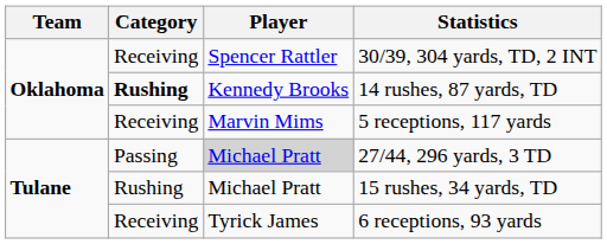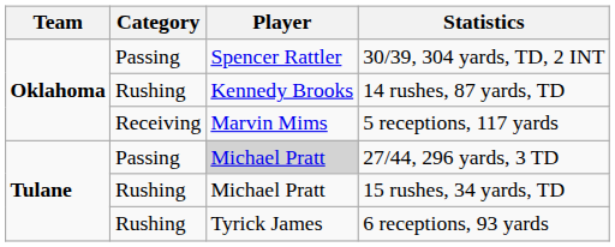 <table class="wikitable" style="float: left;">
 <tr>
 <th>Team</th>
 <th>Category</th>
 <th>Player</th>
 <th>Statistics</th>
 </tr>
 <tr>
 <td rowspan=3><strong>Oklahoma</strong></td>
-<td>Receiving</td>
+<td>Passing</td>
 <td><a href='#'>Spencer Rattler</a></td>
 <td>30/39, 304 yards, TD, 2 INT</td>
 </tr>
 <tr>
-<td><strong>Rushing</strong></td>
+<td>Rushing</td>
 <td><a href='#'>Kennedy Brooks</a></td>
 <td>14 rushes, 87 yards, TD</td>
 </tr>
 <tr>
 <td>Receiving</td>
 <td><a href='#'>Marvin Mims</a></td>
 <td>5 receptions, 117 yards</td>
 </tr>
 <tr>
 <td rowspan=3><strong>Tulane</strong></td>
 <td>Passing</td>
 <td style="background: lightgrey;"><a href='#'>Michael Pratt</a></td>
 <td>27/44, 296 yards, 3 TD</td>
 </tr>
 <tr>
 <td>Rushing</td>
 <td>Michael Pratt</td>
 <td>15 rushes, 34 yards, TD</td>
 </tr>
 <tr>
-<td>Receiving</td>
+<td>Rushing</td>
 <td>Tyrick James</td>
 <td>6 receptions, 93 yards</td>
 </tr>
 </table>
